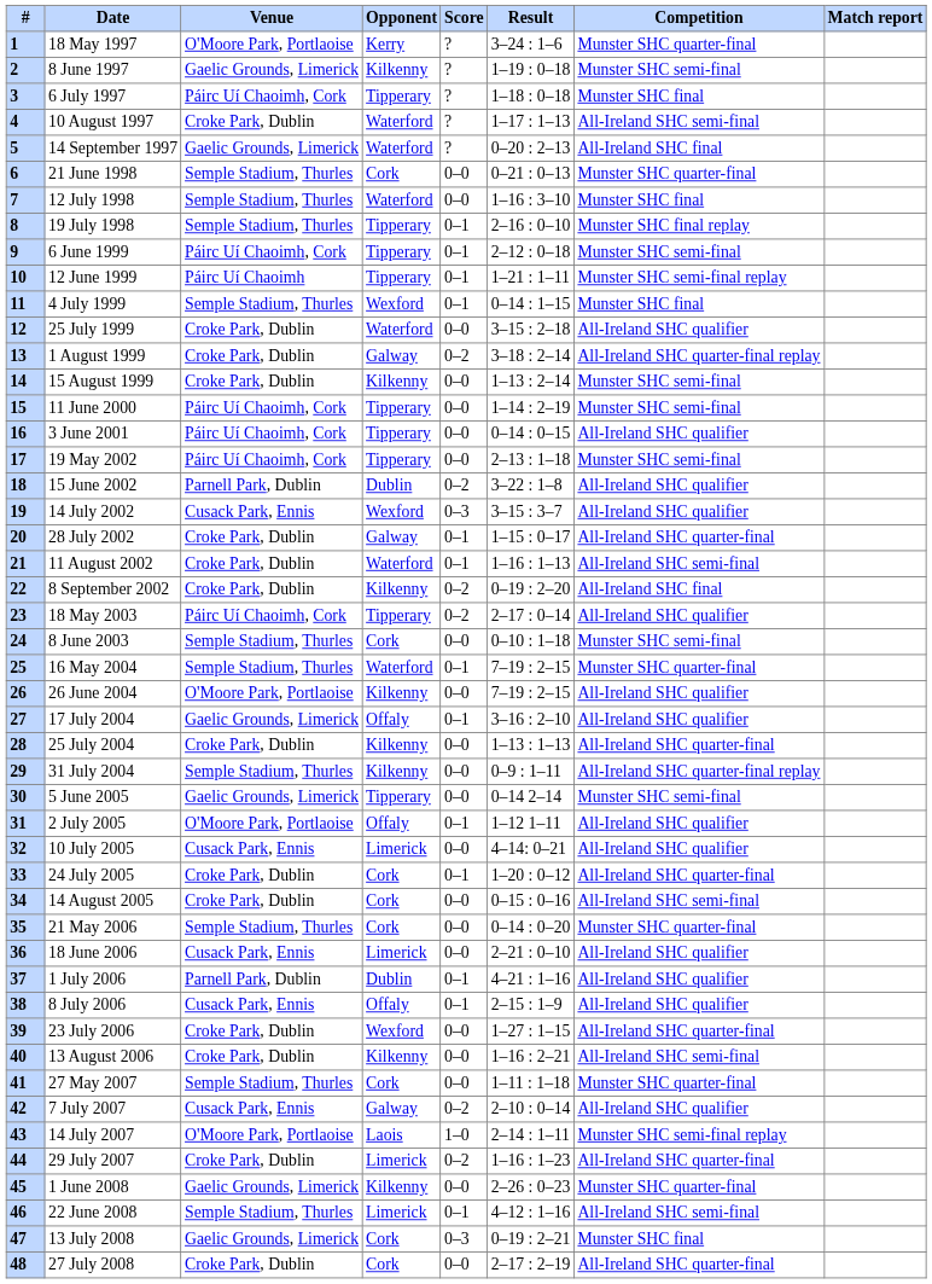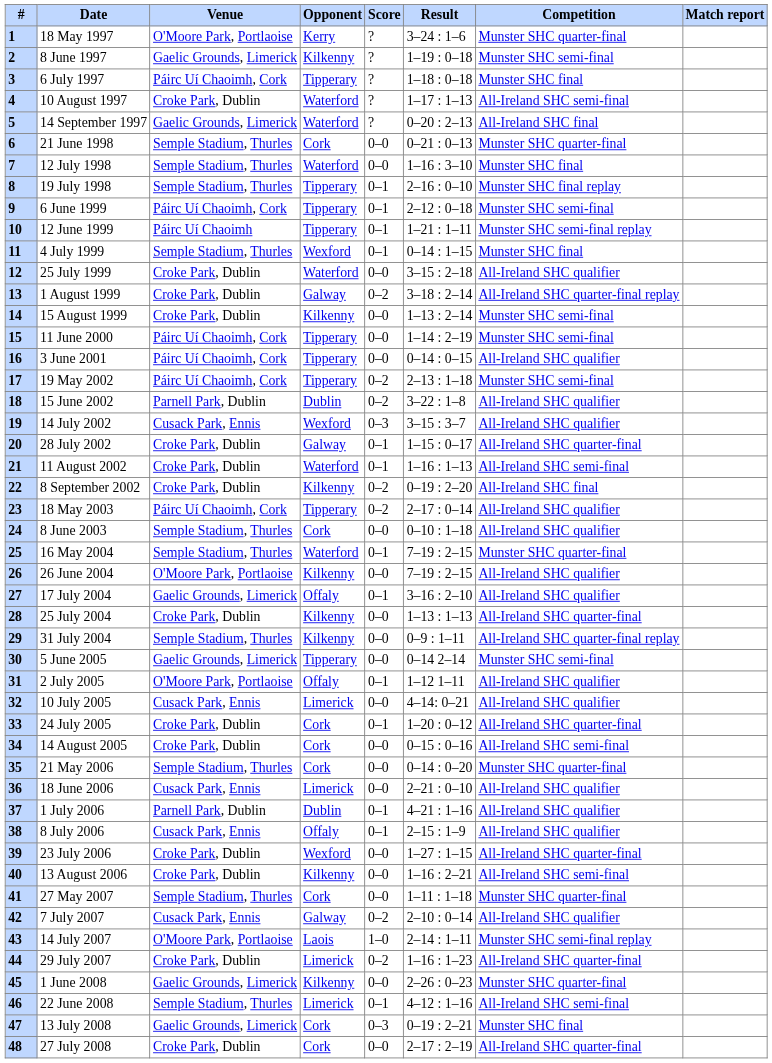 <table border=1 cellpadding=3 style="margin-left:1em; colour: black; border-collapse: collapse;">
 <tr align="center" bgcolor="BFD7FF">
 <th width=30 style="text-align: centr;">#</th>
 <th>Date</th>
 <th>Venue</th>
 <th>Opponent</th>
 <th>Score</th>
 <th>Result</th>
 <th>Competition</th>
 <th>Match report</th>
 </tr>
 <tr>
 <td style="text-align: centr;" bgcolor="BFD7FF"><strong>1</strong></td>
 <td>18 May 1997</td>
 <td><a href='#'>O'Moore Park</a>, <a href='#'>Portlaoise</a></td>
 <td><a href='#'>Kerry</a></td>
 <td style="text-align: centr;">?</td>
 <td>3–24 : 1–6</td>
 <td><a href='#'>Munster SHC quarter-final</a></td>
 <td></td>
 </tr>
 <tr>
 <td style="text-align: centr;" bgcolor="BFD7FF"><strong>2</strong></td>
 <td>8 June 1997</td>
 <td><a href='#'>Gaelic Grounds</a>, <a href='#'>Limerick</a></td>
 <td><a href='#'>Kilkenny</a></td>
 <td style="text-align: centr;">?</td>
 <td>1–19 : 0–18</td>
 <td><a href='#'>Munster SHC semi-final</a></td>
 <td></td>
 </tr>
 <tr>
 <td style="text-align: centr;" bgcolor="BFD7FF"><strong>3</strong></td>
 <td>6 July 1997</td>
 <td><a href='#'>Páirc Uí Chaoimh</a>, <a href='#'>Cork</a></td>
 <td><a href='#'>Tipperary</a></td>
 <td style="text-align: centr;">?</td>
 <td>1–18 : 0–18</td>
 <td><a href='#'>Munster SHC final</a></td>
 <td></td>
 </tr>
 <tr>
 <td style="text-align: centr;" bgcolor="BFD7FF"><strong>4</strong></td>
 <td>10 August 1997</td>
 <td><a href='#'>Croke Park</a>, Dublin</td>
 <td><a href='#'>Waterford</a></td>
 <td style="text-align: centr;">?</td>
 <td>1–17 : 1–13</td>
 <td><a href='#'>All-Ireland SHC semi-final</a></td>
 <td></td>
 </tr>
 <tr>
 <td style="text-align: centr;" bgcolor="BFD7FF"><strong>5</strong></td>
 <td>14 September 1997</td>
 <td><a href='#'>Gaelic Grounds</a>, <a href='#'>Limerick</a></td>
 <td><a href='#'>Waterford</a></td>
 <td style="text-align: centr;">?</td>
 <td>0–20 : 2–13</td>
 <td><a href='#'>All-Ireland SHC final</a></td>
 <td></td>
 </tr>
 <tr>
 <td style="text-align: centr;" bgcolor="BFD7FF"><strong>6</strong></td>
 <td>21 June 1998</td>
 <td><a href='#'>Semple Stadium</a>, <a href='#'>Thurles</a></td>
 <td><a href='#'>Cork</a></td>
 <td style="text-align: centr;">0–0</td>
 <td>0–21 : 0–13</td>
 <td><a href='#'>Munster SHC quarter-final</a></td>
 <td></td>
 </tr>
 <tr>
 <td style="text-align: centr;" bgcolor="BFD7FF"><strong>7</strong></td>
 <td>12 July 1998</td>
 <td><a href='#'>Semple Stadium</a>, <a href='#'>Thurles</a></td>
 <td><a href='#'>Waterford</a></td>
 <td style="text-align: centr;">0–0</td>
 <td>1–16 : 3–10</td>
 <td><a href='#'>Munster SHC final</a></td>
 <td></td>
 </tr>
 <tr>
 <td style="text-align: centr;" bgcolor="BFD7FF"><strong>8</strong></td>
 <td>19 July 1998</td>
 <td><a href='#'>Semple Stadium</a>, <a href='#'>Thurles</a></td>
 <td><a href='#'>Tipperary</a></td>
 <td style="text-align: centr;">0–1</td>
 <td>2–16 : 0–10</td>
 <td><a href='#'>Munster SHC final replay</a></td>
 <td></td>
 </tr>
 <tr>
 <td style="text-align: centr;" bgcolor="BFD7FF"><strong>9</strong></td>
 <td>6 June 1999</td>
 <td><a href='#'>Páirc Uí Chaoimh</a>, <a href='#'>Cork</a></td>
 <td><a href='#'>Tipperary</a></td>
 <td style="text-align: centr;">0–1</td>
 <td>2–12 : 0–18</td>
 <td><a href='#'>Munster SHC semi-final</a></td>
 <td></td>
 </tr>
 <tr>
 <td style="text-align: centr;" bgcolor="BFD7FF"><strong>10</strong></td>
 <td>12 June 1999</td>
 <td><a href='#'>Páirc Uí Chaoimh</a></td>
 <td><a href='#'>Tipperary</a></td>
 <td style="text-align: centr;">0–1</td>
 <td>1–21 : 1–11</td>
 <td><a href='#'>Munster SHC semi-final replay</a></td>
 <td></td>
 </tr>
 <tr>
 <td style="text-align: centr;" bgcolor="BFD7FF"><strong>11</strong></td>
 <td>4 July 1999</td>
 <td><a href='#'>Semple Stadium</a>, <a href='#'>Thurles</a></td>
 <td><a href='#'>Wexford</a></td>
 <td style="text-align: centr;">0–1</td>
 <td>0–14 : 1–15</td>
 <td><a href='#'>Munster SHC final</a></td>
 <td></td>
 </tr>
 <tr>
 <td style="text-align: centr;" bgcolor="BFD7FF"><strong>12</strong></td>
 <td>25 July 1999</td>
 <td><a href='#'>Croke Park</a>, Dublin</td>
 <td><a href='#'>Waterford</a></td>
 <td style="text-align: centr;">0–0</td>
 <td>3–15 : 2–18</td>
 <td><a href='#'>All-Ireland SHC qualifier</a></td>
 <td></td>
 </tr>
 <tr>
 <td style="text-align: centr;" bgcolor="BFD7FF"><strong>13</strong></td>
 <td>1 August 1999</td>
 <td><a href='#'>Croke Park</a>, Dublin</td>
 <td><a href='#'>Galway</a></td>
 <td style="text-align: centr;">0–2</td>
 <td>3–18 : 2–14</td>
 <td><a href='#'>All-Ireland SHC quarter-final replay</a></td>
 <td></td>
 </tr>
 <tr>
 <td style="text-align: centr;" bgcolor="BFD7FF"><strong>14</strong></td>
 <td>15 August 1999</td>
 <td><a href='#'>Croke Park</a>, Dublin</td>
 <td><a href='#'>Kilkenny</a></td>
 <td style="text-align: centr;">0–0</td>
 <td>1–13 : 2–14</td>
 <td><a href='#'>Munster SHC semi-final</a></td>
 <td></td>
 </tr>
 <tr>
 <td style="text-align: centr;" bgcolor="BFD7FF"><strong>15</strong></td>
 <td>11 June 2000</td>
 <td><a href='#'>Páirc Uí Chaoimh</a>, <a href='#'>Cork</a></td>
 <td><a href='#'>Tipperary</a></td>
 <td style="text-align: centr;">0–0</td>
 <td>1–14 : 2–19</td>
 <td><a href='#'>Munster SHC semi-final</a></td>
 <td></td>
 </tr>
 <tr>
 <td style="text-align: centr;" bgcolor="BFD7FF"><strong>16</strong></td>
 <td>3 June 2001</td>
 <td><a href='#'>Páirc Uí Chaoimh</a>, <a href='#'>Cork</a></td>
 <td><a href='#'>Tipperary</a></td>
 <td style="text-align: centr;">0–0</td>
 <td>0–14 : 0–15</td>
 <td><a href='#'>All-Ireland SHC qualifier</a></td>
 <td></td>
 </tr>
 <tr>
 <td style="text-align: centr;" bgcolor="BFD7FF"><strong>17</strong></td>
 <td>19 May 2002</td>
 <td><a href='#'>Páirc Uí Chaoimh</a>, <a href='#'>Cork</a></td>
 <td><a href='#'>Tipperary</a></td>
-<td style="text-align: centr;">0–0</td>
+<td style="text-align: centr;">0–2</td>
 <td>2–13 : 1–18</td>
 <td><a href='#'>Munster SHC semi-final</a></td>
 <td></td>
 </tr>
 <tr>
 <td style="text-align: centr;" bgcolor="BFD7FF"><strong>18</strong></td>
 <td>15 June 2002</td>
 <td><a href='#'>Parnell Park</a>, Dublin</td>
 <td><a href='#'>Dublin</a></td>
 <td style="text-align: centr;">0–2</td>
 <td>3–22 : 1–8</td>
 <td><a href='#'>All-Ireland SHC qualifier</a></td>
 <td></td>
 </tr>
 <tr>
 <td style="text-align: centr;" bgcolor="BFD7FF"><strong>19</strong></td>
 <td>14 July 2002</td>
 <td><a href='#'>Cusack Park</a>, <a href='#'>Ennis</a></td>
 <td><a href='#'>Wexford</a></td>
 <td style="text-align: centr;">0–3</td>
 <td>3–15 : 3–7</td>
 <td><a href='#'>All-Ireland SHC qualifier</a></td>
 <td></td>
 </tr>
 <tr>
 <td style="text-align: centr;" bgcolor="BFD7FF"><strong>20</strong></td>
 <td>28 July 2002</td>
 <td><a href='#'>Croke Park</a>, Dublin</td>
 <td><a href='#'>Galway</a></td>
 <td style="text-align: centr;">0–1</td>
 <td>1–15 : 0–17</td>
 <td><a href='#'>All-Ireland SHC quarter-final</a></td>
 <td></td>
 </tr>
 <tr>
 <td style="text-align: centr;" bgcolor="BFD7FF"><strong>21</strong></td>
 <td>11 August 2002</td>
 <td><a href='#'>Croke Park</a>, Dublin</td>
 <td><a href='#'>Waterford</a></td>
 <td style="text-align: centr;">0–1</td>
 <td>1–16 : 1–13</td>
 <td><a href='#'>All-Ireland SHC semi-final</a></td>
 <td></td>
 </tr>
 <tr>
 <td style="text-align: centr;" bgcolor="BFD7FF"><strong>22</strong></td>
 <td>8 September 2002</td>
 <td><a href='#'>Croke Park</a>, Dublin</td>
 <td><a href='#'>Kilkenny</a></td>
 <td style="text-align: centr;">0–2</td>
 <td>0–19 : 2–20</td>
 <td><a href='#'>All-Ireland SHC final</a></td>
 <td></td>
 </tr>
 <tr>
 <td style="text-align: centr;" bgcolor="BFD7FF"><strong>23</strong></td>
 <td>18 May 2003</td>
 <td><a href='#'>Páirc Uí Chaoimh</a>, <a href='#'>Cork</a></td>
 <td><a href='#'>Tipperary</a></td>
 <td style="text-align: centr;">0–2</td>
 <td>2–17 : 0–14</td>
 <td><a href='#'>All-Ireland SHC qualifier</a></td>
 <td></td>
 </tr>
 <tr>
 <td style="text-align: centr;" bgcolor="BFD7FF"><strong>24</strong></td>
 <td>8 June 2003</td>
 <td><a href='#'>Semple Stadium</a>, <a href='#'>Thurles</a></td>
 <td><a href='#'>Cork</a></td>
 <td style="text-align: centr;">0–0</td>
 <td>0–10 : 1–18</td>
-<td><a href='#'>Munster SHC semi-final</a></td>
+<td><a href='#'>All-Ireland SHC qualifier</a></td>
 <td></td>
 </tr>
 <tr>
 <td style="text-align: centr;" bgcolor="BFD7FF"><strong>25</strong></td>
 <td>16 May 2004</td>
 <td><a href='#'>Semple Stadium</a>, <a href='#'>Thurles</a></td>
 <td><a href='#'>Waterford</a></td>
 <td style="text-align: centr;">0–1</td>
 <td>7–19 : 2–15</td>
 <td><a href='#'>Munster SHC quarter-final</a></td>
 <td></td>
 </tr>
 <tr>
 <td style="text-align: centr;" bgcolor="BFD7FF"><strong>26</strong></td>
 <td>26 June 2004</td>
 <td><a href='#'>O'Moore Park</a>, <a href='#'>Portlaoise</a></td>
 <td><a href='#'>Kilkenny</a></td>
 <td style="text-align: centr;">0–0</td>
 <td>7–19 : 2–15</td>
 <td><a href='#'>All-Ireland SHC qualifier</a></td>
 <td></td>
 </tr>
 <tr>
 <td style="text-align: centr;" bgcolor="BFD7FF"><strong>27</strong></td>
 <td>17 July 2004</td>
 <td><a href='#'>Gaelic Grounds</a>, <a href='#'>Limerick</a></td>
 <td><a href='#'>Offaly</a></td>
 <td style="text-align: centr;">0–1</td>
 <td>3–16 : 2–10</td>
 <td><a href='#'>All-Ireland SHC qualifier</a></td>
 <td></td>
 </tr>
 <tr>
 <td style="text-align: centr;" bgcolor="BFD7FF"><strong>28</strong></td>
 <td>25 July 2004</td>
 <td><a href='#'>Croke Park</a>, Dublin</td>
 <td><a href='#'>Kilkenny</a></td>
 <td style="text-align: centr;">0–0</td>
 <td>1–13 : 1–13</td>
 <td><a href='#'>All-Ireland SHC quarter-final</a></td>
 <td></td>
 </tr>
 <tr>
 <td style="text-align: centr;" bgcolor="BFD7FF"><strong>29</strong></td>
 <td>31 July 2004</td>
 <td><a href='#'>Semple Stadium</a>, <a href='#'>Thurles</a></td>
 <td><a href='#'>Kilkenny</a></td>
 <td style="text-align: centr;">0–0</td>
 <td>0–9 : 1–11</td>
 <td><a href='#'>All-Ireland SHC quarter-final replay</a></td>
 <td></td>
 </tr>
 <tr>
 <td style="text-align: centr;" bgcolor="BFD7FF"><strong>30</strong></td>
 <td>5 June 2005</td>
 <td><a href='#'>Gaelic Grounds</a>, <a href='#'>Limerick</a></td>
 <td><a href='#'>Tipperary</a></td>
 <td style="text-align: centr;">0–0</td>
 <td>0–14 2–14</td>
 <td><a href='#'>Munster SHC semi-final</a></td>
 <td></td>
 </tr>
 <tr>
 <td style="text-align: centr;" bgcolor="BFD7FF"><strong>31</strong></td>
 <td>2 July 2005</td>
 <td><a href='#'>O'Moore Park</a>, <a href='#'>Portlaoise</a></td>
 <td><a href='#'>Offaly</a></td>
 <td style="text-align: centr;">0–1</td>
 <td>1–12 1–11</td>
 <td><a href='#'>All-Ireland SHC qualifier</a></td>
 <td></td>
 </tr>
 <tr>
 <td style="text-align: centr;" bgcolor="BFD7FF"><strong>32</strong></td>
 <td>10 July 2005</td>
 <td><a href='#'>Cusack Park</a>, <a href='#'>Ennis</a></td>
 <td><a href='#'>Limerick</a></td>
 <td style="text-align: centr;">0–0</td>
 <td>4–14: 0–21</td>
 <td><a href='#'>All-Ireland SHC qualifier</a></td>
 <td></td>
 </tr>
 <tr>
 <td style="text-align: centr;" bgcolor="BFD7FF"><strong>33</strong></td>
 <td>24 July 2005</td>
 <td><a href='#'>Croke Park</a>, Dublin</td>
 <td><a href='#'>Cork</a></td>
 <td style="text-align: centr;">0–1</td>
 <td>1–20 : 0–12</td>
 <td><a href='#'>All-Ireland SHC quarter-final</a></td>
 <td></td>
 </tr>
 <tr>
 <td style="text-align: centr;" bgcolor="BFD7FF"><strong>34</strong></td>
 <td>14 August 2005</td>
 <td><a href='#'>Croke Park</a>, Dublin</td>
 <td><a href='#'>Cork</a></td>
 <td style="text-align: centr;">0–0</td>
 <td>0–15 : 0–16</td>
 <td><a href='#'>All-Ireland SHC semi-final</a></td>
 <td></td>
 </tr>
 <tr>
 <td style="text-align: centr;" bgcolor="BFD7FF"><strong>35</strong></td>
 <td>21 May 2006</td>
 <td><a href='#'>Semple Stadium</a>, <a href='#'>Thurles</a></td>
 <td><a href='#'>Cork</a></td>
 <td style="text-align: centr;">0–0</td>
 <td>0–14 : 0–20</td>
 <td><a href='#'>Munster SHC quarter-final</a></td>
 <td></td>
 </tr>
 <tr>
 <td style="text-align: centr;" bgcolor="BFD7FF"><strong>36</strong></td>
 <td>18 June 2006</td>
 <td><a href='#'>Cusack Park</a>, <a href='#'>Ennis</a></td>
 <td><a href='#'>Limerick</a></td>
 <td style="text-align: centr;">0–0</td>
 <td>2–21 : 0–10</td>
 <td><a href='#'>All-Ireland SHC qualifier</a></td>
 <td></td>
 </tr>
 <tr>
 <td style="text-align: centr;" bgcolor="BFD7FF"><strong>37</strong></td>
 <td>1 July 2006</td>
 <td><a href='#'>Parnell Park</a>, Dublin</td>
 <td><a href='#'>Dublin</a></td>
 <td style="text-align: centr;">0–1</td>
 <td>4–21 : 1–16</td>
 <td><a href='#'>All-Ireland SHC qualifier</a></td>
 <td></td>
 </tr>
 <tr>
 <td style="text-align: centr;" bgcolor="BFD7FF"><strong>38</strong></td>
 <td>8 July 2006</td>
 <td><a href='#'>Cusack Park</a>, <a href='#'>Ennis</a></td>
 <td><a href='#'>Offaly</a></td>
 <td style="text-align: centr;">0–1</td>
 <td>2–15 : 1–9</td>
 <td><a href='#'>All-Ireland SHC qualifier</a></td>
 <td></td>
 </tr>
 <tr>
 <td style="text-align: centr;" bgcolor="BFD7FF"><strong>39</strong></td>
 <td>23 July 2006</td>
 <td><a href='#'>Croke Park</a>, Dublin</td>
 <td><a href='#'>Wexford</a></td>
 <td style="text-align: centr;">0–0</td>
 <td>1–27 : 1–15</td>
 <td><a href='#'>All-Ireland SHC quarter-final</a></td>
 <td></td>
 </tr>
 <tr>
 <td style="text-align: centr;" bgcolor="BFD7FF"><strong>40</strong></td>
 <td>13 August 2006</td>
 <td><a href='#'>Croke Park</a>, Dublin</td>
 <td><a href='#'>Kilkenny</a></td>
 <td style="text-align: centr;">0–0</td>
 <td>1–16 : 2–21</td>
 <td><a href='#'>All-Ireland SHC semi-final</a></td>
 <td></td>
 </tr>
 <tr>
 <td style="text-align: centr;" bgcolor="BFD7FF"><strong>41</strong></td>
 <td>27 May 2007</td>
 <td><a href='#'>Semple Stadium</a>, <a href='#'>Thurles</a></td>
 <td><a href='#'>Cork</a></td>
 <td style="text-align: centr;">0–0</td>
 <td>1–11 : 1–18</td>
 <td><a href='#'>Munster SHC quarter-final</a></td>
 <td></td>
 </tr>
 <tr>
 <td style="text-align: centr;" bgcolor="BFD7FF"><strong>42</strong></td>
 <td>7 July 2007</td>
 <td><a href='#'>Cusack Park</a>, <a href='#'>Ennis</a></td>
 <td><a href='#'>Galway</a></td>
 <td style="text-align: centr;">0–2</td>
 <td>2–10 : 0–14</td>
 <td><a href='#'>All-Ireland SHC qualifier</a></td>
 <td></td>
 </tr>
 <tr>
 <td style="text-align: centr;" bgcolor="BFD7FF"><strong>43</strong></td>
 <td>14 July 2007</td>
 <td><a href='#'>O'Moore Park</a>, <a href='#'>Portlaoise</a></td>
 <td><a href='#'>Laois</a></td>
 <td style="text-align: centr;">1–0</td>
 <td>2–14 : 1–11</td>
 <td><a href='#'>Munster SHC semi-final replay</a></td>
 <td></td>
 </tr>
 <tr>
 <td style="text-align: centr;" bgcolor="BFD7FF"><strong>44</strong></td>
 <td>29 July 2007</td>
 <td><a href='#'>Croke Park</a>, Dublin</td>
 <td><a href='#'>Limerick</a></td>
 <td style="text-align: centr;">0–2</td>
 <td>1–16 : 1–23</td>
 <td><a href='#'>All-Ireland SHC quarter-final</a></td>
 <td></td>
 </tr>
 <tr>
 <td style="text-align: centr;" bgcolor="BFD7FF"><strong>45</strong></td>
 <td>1 June 2008</td>
 <td><a href='#'>Gaelic Grounds</a>, <a href='#'>Limerick</a></td>
 <td><a href='#'>Kilkenny</a></td>
 <td style="text-align: centr;">0–0</td>
 <td>2–26 : 0–23</td>
 <td><a href='#'>Munster SHC quarter-final</a></td>
 <td></td>
 </tr>
 <tr>
 <td style="text-align: centr;" bgcolor="BFD7FF"><strong>46</strong></td>
 <td>22 June 2008</td>
 <td><a href='#'>Semple Stadium</a>, <a href='#'>Thurles</a></td>
 <td><a href='#'>Limerick</a></td>
 <td style="text-align: centr;">0–1</td>
 <td>4–12 : 1–16</td>
 <td><a href='#'>All-Ireland SHC semi-final</a></td>
 <td></td>
 </tr>
 <tr>
 <td style="text-align: centr;" bgcolor="BFD7FF"><strong>47</strong></td>
 <td>13 July 2008</td>
 <td><a href='#'>Gaelic Grounds</a>, <a href='#'>Limerick</a></td>
 <td><a href='#'>Cork</a></td>
 <td style="text-align: centr;">0–3</td>
 <td>0–19 : 2–21</td>
 <td><a href='#'>Munster SHC final</a></td>
 <td></td>
 </tr>
 <tr>
 <td style="text-align: centr;" bgcolor="BFD7FF"><strong>48</strong></td>
 <td>27 July 2008</td>
 <td><a href='#'>Croke Park</a>, Dublin</td>
 <td><a href='#'>Cork</a></td>
 <td style="text-align: centr;">0–0</td>
 <td>2–17 : 2–19</td>
 <td><a href='#'>All-Ireland SHC quarter-final</a></td>
 <td></td>
 </tr>
 </table>
